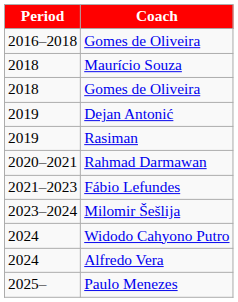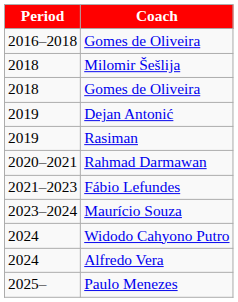 <table class="wikitable" style="font-size:100%;">
 <tr>
 <th style="color:white; background:red;">Period</th>
 <th style="color:white; background:red;">Coach</th>
 </tr>
 <tr>
 <td>2016–2018</td>
 <td> <a href='#'>Gomes de Oliveira</a></td>
 </tr>
 <tr>
 <td>2018</td>
-<td> <a href='#'>Maurício Souza</a></td>
+<td> <a href='#'>Milomir Šešlija</a></td>
 </tr>
 <tr>
 <td>2018</td>
 <td> <a href='#'>Gomes de Oliveira</a></td>
 </tr>
 <tr>
 <td>2019</td>
 <td> <a href='#'>Dejan Antonić</a></td>
 </tr>
 <tr>
 <td>2019</td>
 <td> <a href='#'>Rasiman</a></td>
 </tr>
 <tr>
 <td>2020–2021</td>
 <td> <a href='#'>Rahmad Darmawan</a></td>
 </tr>
 <tr>
 <td>2021–2023</td>
 <td> <a href='#'>Fábio Lefundes</a></td>
 </tr>
 <tr>
 <td>2023–2024</td>
-<td> <a href='#'>Milomir Šešlija</a></td>
+<td> <a href='#'>Maurício Souza</a></td>
 </tr>
 <tr>
 <td>2024</td>
 <td> <a href='#'>Widodo Cahyono Putro</a></td>
 </tr>
 <tr>
 <td>2024</td>
 <td> <a href='#'>Alfredo Vera</a></td>
 </tr>
 <tr>
 <td>2025–</td>
 <td> <a href='#'>Paulo Menezes</a></td>
 </tr>
 </table>
